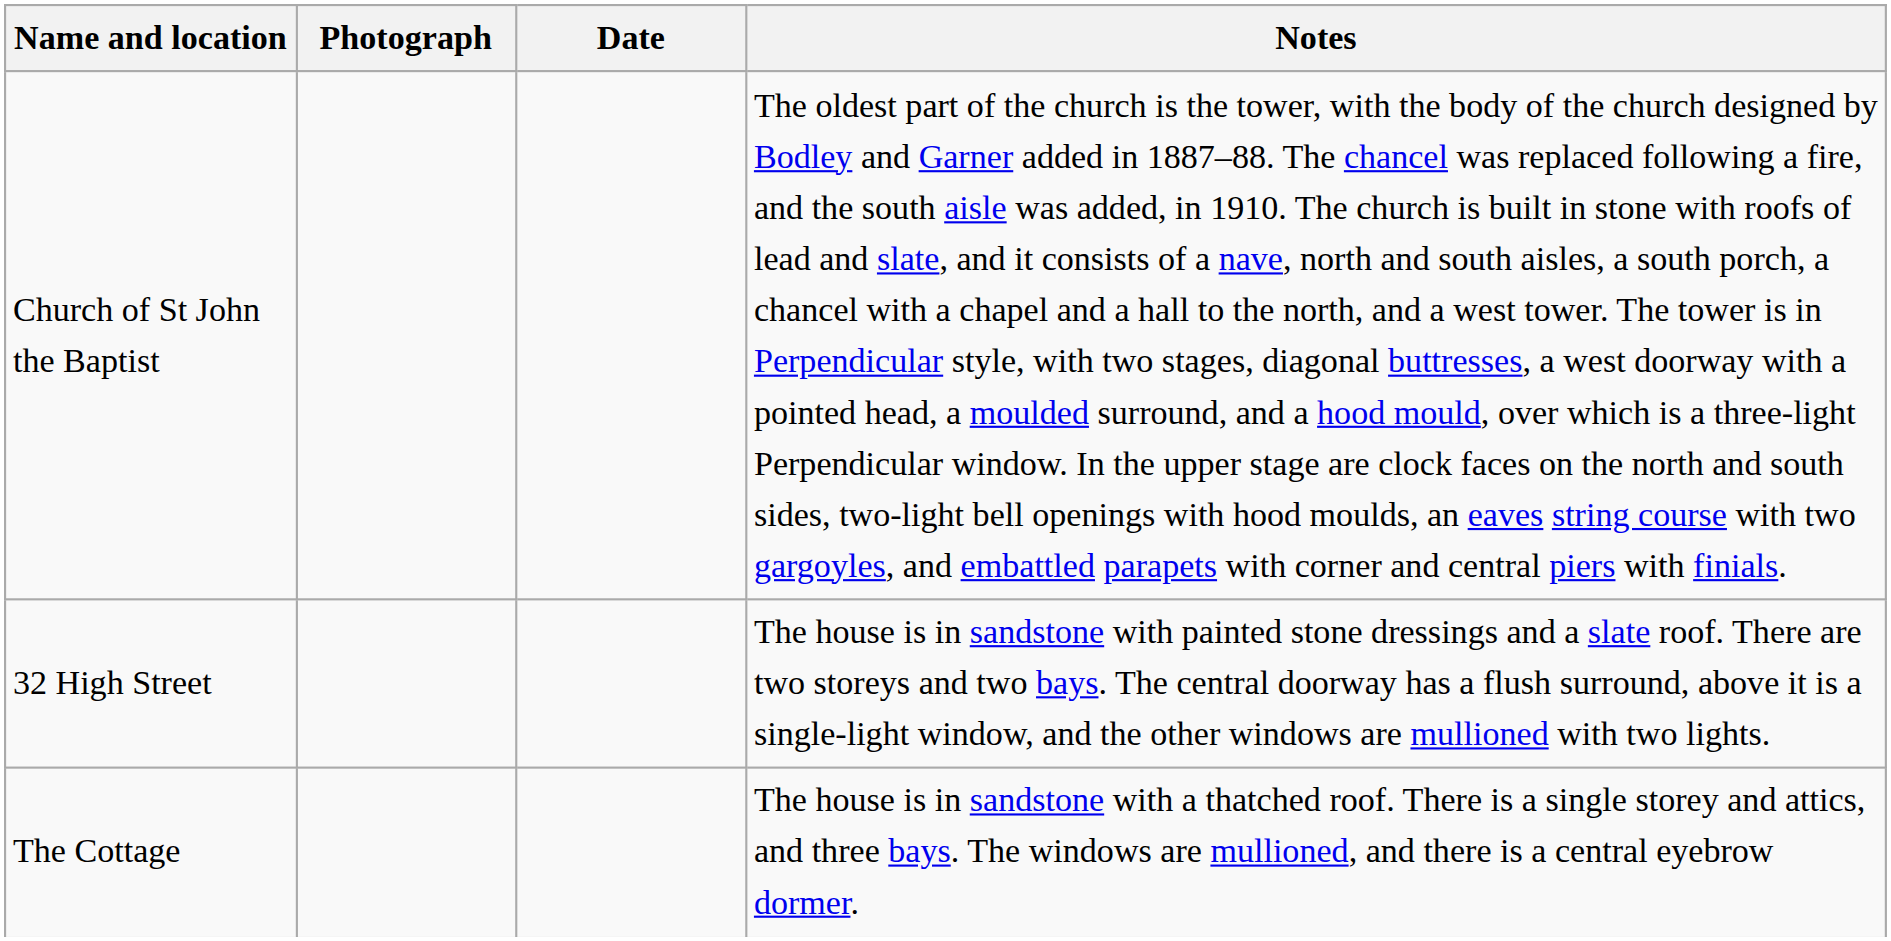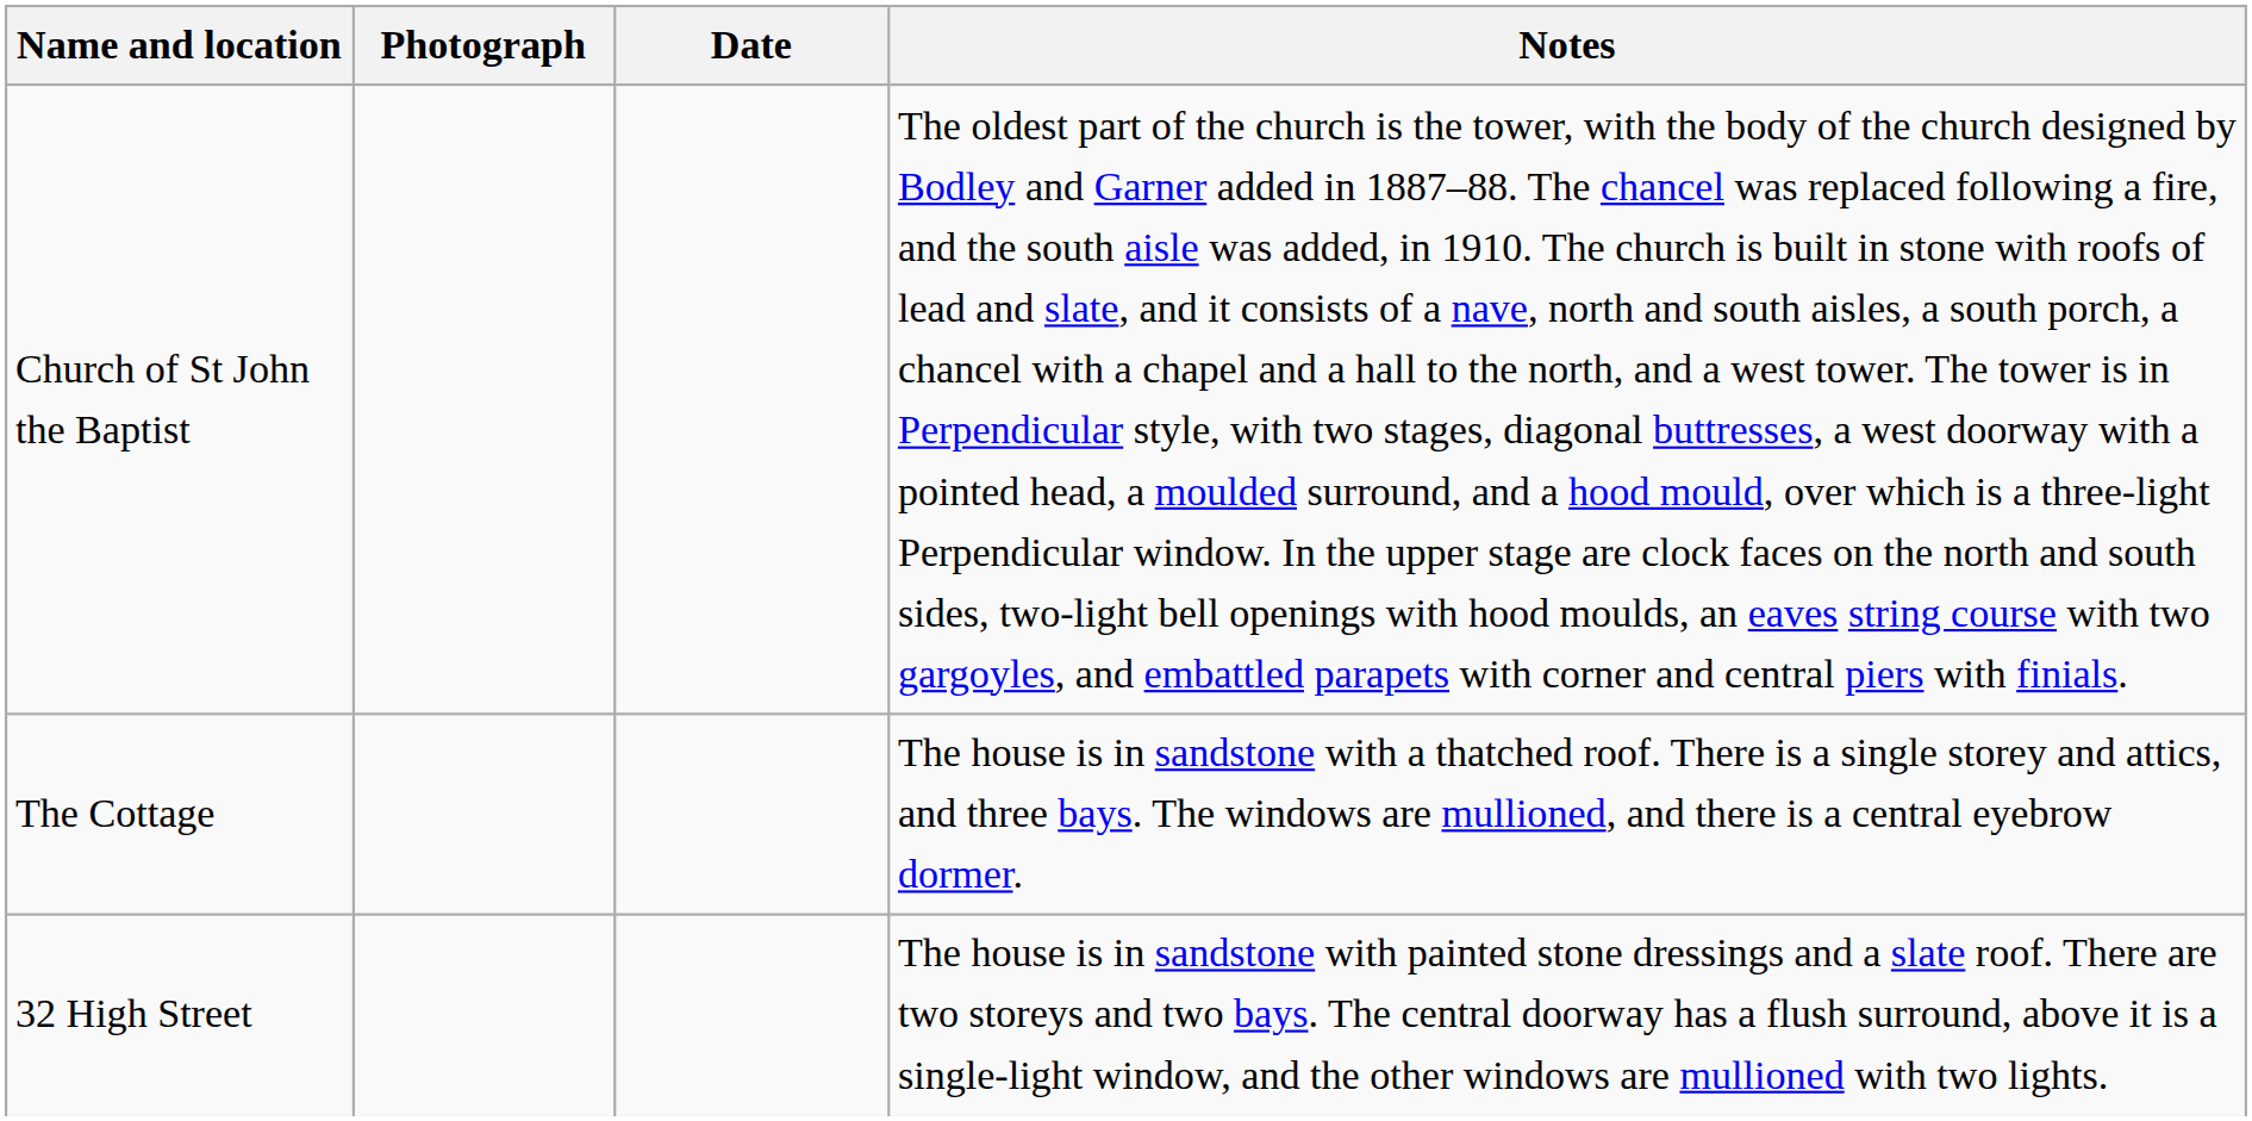 <table class="wikitable sortable plainrowheaders" style="width:100%;border:0px;text-align:left;line-height:150%;">
 <tr>
 <th scope="col"  style="width:150px">Name and location</th>
 <th scope="col"  style="width:100px" class="unsortable">Photograph</th>
 <th scope="col"  style="width:120px">Date</th>
 <th scope="col"  style="width:650px" class="unsortable">Notes</th>
 </tr>
 <tr>
 <td>Church of St John the Baptist<br><small></small></td>
 <td></td>
 <td align="center"></td>
 <td>The oldest part of the church is the tower, with the body of the church designed by <a href='#'>Bodley</a> and <a href='#'>Garner</a> added in 1887–88.  The <a href='#'>chancel</a> was replaced following a fire, and the south <a href='#'>aisle</a> was added, in 1910.  The church is built in stone with roofs of lead and <a href='#'>slate</a>, and it consists of a <a href='#'>nave</a>, north and south aisles, a south porch, a chancel with a chapel and a hall to the north, and a west tower.  The tower is in <a href='#'>Perpendicular</a> style, with two stages, diagonal <a href='#'>buttresses</a>, a west doorway with a pointed head, a <a href='#'>moulded</a> surround, and a <a href='#'>hood mould</a>, over which is a three-light Perpendicular window.  In the upper stage are clock faces on the north and south sides, two-light bell openings with hood moulds, an <a href='#'>eaves</a> <a href='#'>string course</a> with two <a href='#'>gargoyles</a>, and <a href='#'>embattled</a> <a href='#'>parapets</a> with corner and central <a href='#'>piers</a> with <a href='#'>finials</a>.</td>
 </tr>
 <tr>
+<td>The Cottage<br><small></small></td>
+<td></td>
+<td align="center"></td>
+<td>The house is in <a href='#'>sandstone</a> with a thatched roof.  There is a single storey and attics, and three <a href='#'>bays</a>.  The windows are <a href='#'>mullioned</a>, and there is a central eyebrow <a href='#'>dormer</a>.</td>
+</tr>
+<tr>
 <td>32 High Street<br><small></small></td>
 <td></td>
 <td align="center"></td>
 <td>The house is in <a href='#'>sandstone</a> with painted stone dressings and a <a href='#'>slate</a> roof.  There are two storeys and two <a href='#'>bays</a>.  The central doorway has a flush surround, above it is a single-light window, and the other windows are <a href='#'>mullioned</a> with two lights.</td>
 </tr>
 <tr>
-<td>The Cottage<br><small></small></td>
-<td></td>
-<td align="center"></td>
-<td>The house is in <a href='#'>sandstone</a> with a thatched roof.  There is a single storey and attics, and three <a href='#'>bays</a>.  The windows are <a href='#'>mullioned</a>, and there is a central eyebrow <a href='#'>dormer</a>.</td>
-</tr>
-<tr>
 </tr>
 </table>
